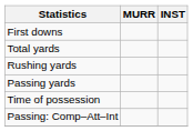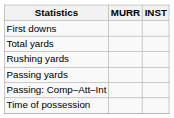 <table class="wikitable" style="float: left;">
 <tr>
 <th>Statistics</th>
 <th>MURR</th>
 <th>INST</th>
 </tr>
 <tr>
 <td>First downs</td>
 <td></td>
 <td></td>
 </tr>
 <tr>
 <td>Total yards</td>
 <td></td>
 <td></td>
 </tr>
 <tr>
 <td>Rushing yards</td>
 <td></td>
 <td></td>
 </tr>
 <tr>
 <td>Passing yards</td>
 <td></td>
 <td></td>
 </tr>
 <tr>
-<td>Time of possession</td>
+<td>Passing: Comp–Att–Int</td>
 <td></td>
 <td></td>
 </tr>
 <tr>
-<td>Passing: Comp–Att–Int</td>
+<td>Time of possession</td>
 <td></td>
 <td></td>
 </tr>
 <tr>
 </tr>
 </table>
